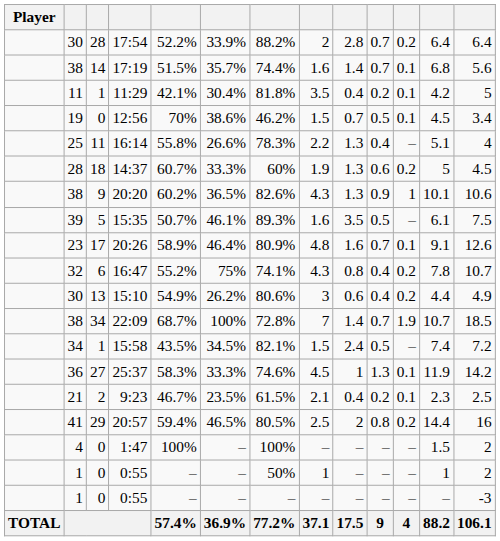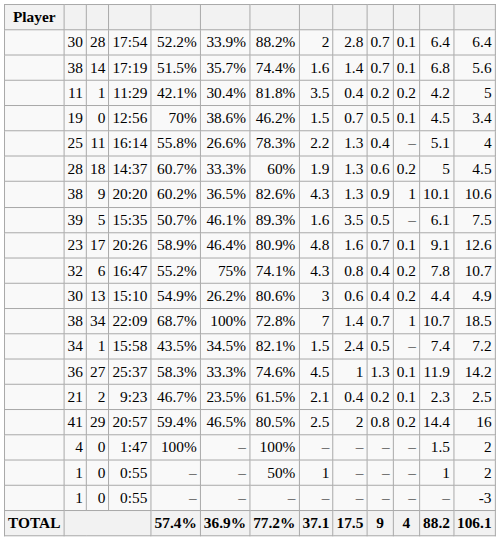 <table class="wikitable sortable" style="font-size:95%; text-align:right;">
 <tr>
 <th>Player</th>
 <th></th>
 <th></th>
 <th></th>
 <th></th>
 <th></th>
 <th></th>
 <th></th>
 <th></th>
 <th></th>
 <th></th>
 <th></th>
 <th></th>
 </tr>
 <tr>
 <td></td>
 <td>30</td>
 <td>28</td>
 <td>17:54</td>
 <td>52.2%</td>
 <td>33.9%</td>
 <td>88.2%</td>
 <td>2</td>
 <td>2.8</td>
 <td>0.7</td>
-<td>0.2</td>
+<td>0.1</td>
 <td>6.4</td>
 <td>6.4</td>
 </tr>
 <tr>
 <td></td>
 <td>38</td>
 <td>14</td>
 <td>17:19</td>
 <td>51.5%</td>
 <td>35.7%</td>
 <td>74.4%</td>
 <td>1.6</td>
 <td>1.4</td>
 <td>0.7</td>
 <td>0.1</td>
 <td>6.8</td>
 <td>5.6</td>
 </tr>
 <tr>
 <td></td>
 <td>11</td>
 <td>1</td>
 <td>11:29</td>
 <td>42.1%</td>
 <td>30.4%</td>
 <td>81.8%</td>
 <td>3.5</td>
 <td>0.4</td>
 <td>0.2</td>
-<td>0.1</td>
+<td>0.2</td>
 <td>4.2</td>
 <td>5</td>
 </tr>
 <tr>
 <td></td>
 <td>19</td>
 <td>0</td>
 <td>12:56</td>
 <td>70%</td>
 <td>38.6%</td>
 <td>46.2%</td>
 <td>1.5</td>
 <td>0.7</td>
 <td>0.5</td>
 <td>0.1</td>
 <td>4.5</td>
 <td>3.4</td>
 </tr>
 <tr>
 <td></td>
 <td>25</td>
 <td>11</td>
 <td>16:14</td>
 <td>55.8%</td>
 <td>26.6%</td>
 <td>78.3%</td>
 <td>2.2</td>
 <td>1.3</td>
 <td>0.4</td>
 <td>–</td>
 <td>5.1</td>
 <td>4</td>
 </tr>
 <tr>
 <td></td>
 <td>28</td>
 <td>18</td>
 <td>14:37</td>
 <td>60.7%</td>
 <td>33.3%</td>
 <td>60%</td>
 <td>1.9</td>
 <td>1.3</td>
 <td>0.6</td>
 <td>0.2</td>
 <td>5</td>
 <td>4.5</td>
 </tr>
 <tr>
 <td></td>
 <td>38</td>
 <td>9</td>
 <td>20:20</td>
 <td>60.2%</td>
 <td>36.5%</td>
 <td>82.6%</td>
 <td>4.3</td>
 <td>1.3</td>
 <td>0.9</td>
 <td>1</td>
 <td>10.1</td>
 <td>10.6</td>
 </tr>
 <tr>
 <td></td>
 <td>39</td>
 <td>5</td>
 <td>15:35</td>
 <td>50.7%</td>
 <td>46.1%</td>
 <td>89.3%</td>
 <td>1.6</td>
 <td>3.5</td>
 <td>0.5</td>
 <td>–</td>
 <td>6.1</td>
 <td>7.5</td>
 </tr>
 <tr>
 <td></td>
 <td>23</td>
 <td>17</td>
 <td>20:26</td>
 <td>58.9%</td>
 <td>46.4%</td>
 <td>80.9%</td>
 <td>4.8</td>
 <td>1.6</td>
 <td>0.7</td>
 <td>0.1</td>
 <td>9.1</td>
 <td>12.6</td>
 </tr>
 <tr>
 <td></td>
 <td>32</td>
 <td>6</td>
 <td>16:47</td>
 <td>55.2%</td>
 <td>75%</td>
 <td>74.1%</td>
 <td>4.3</td>
 <td>0.8</td>
 <td>0.4</td>
 <td>0.2</td>
 <td>7.8</td>
 <td>10.7</td>
 </tr>
 <tr>
 <td></td>
 <td>30</td>
 <td>13</td>
 <td>15:10</td>
 <td>54.9%</td>
 <td>26.2%</td>
 <td>80.6%</td>
 <td>3</td>
 <td>0.6</td>
 <td>0.4</td>
 <td>0.2</td>
 <td>4.4</td>
 <td>4.9</td>
 </tr>
 <tr>
 <td></td>
 <td>38</td>
 <td>34</td>
 <td>22:09</td>
 <td>68.7%</td>
 <td>100%</td>
 <td>72.8%</td>
 <td>7</td>
 <td>1.4</td>
 <td>0.7</td>
-<td>1.9</td>
+<td>1</td>
 <td>10.7</td>
 <td>18.5</td>
 </tr>
 <tr>
 <td></td>
 <td>34</td>
 <td>1</td>
 <td>15:58</td>
 <td>43.5%</td>
 <td>34.5%</td>
 <td>82.1%</td>
 <td>1.5</td>
 <td>2.4</td>
 <td>0.5</td>
 <td>–</td>
 <td>7.4</td>
 <td>7.2</td>
 </tr>
 <tr>
 <td></td>
 <td>36</td>
 <td>27</td>
 <td>25:37</td>
 <td>58.3%</td>
 <td>33.3%</td>
 <td>74.6%</td>
 <td>4.5</td>
 <td>1</td>
 <td>1.3</td>
 <td>0.1</td>
 <td>11.9</td>
 <td>14.2</td>
 </tr>
 <tr>
 <td></td>
 <td>21</td>
 <td>2</td>
 <td>9:23</td>
 <td>46.7%</td>
 <td>23.5%</td>
 <td>61.5%</td>
 <td>2.1</td>
 <td>0.4</td>
 <td>0.2</td>
 <td>0.1</td>
 <td>2.3</td>
 <td>2.5</td>
 </tr>
 <tr>
 <td></td>
 <td>41</td>
 <td>29</td>
 <td>20:57</td>
 <td>59.4%</td>
 <td>46.5%</td>
 <td>80.5%</td>
 <td>2.5</td>
 <td>2</td>
 <td>0.8</td>
 <td>0.2</td>
 <td>14.4</td>
 <td>16</td>
 </tr>
 <tr>
 <td></td>
 <td>4</td>
 <td>0</td>
 <td>1:47</td>
 <td>100%</td>
 <td>–</td>
 <td>100%</td>
 <td>–</td>
 <td>–</td>
 <td>–</td>
 <td>–</td>
 <td>1.5</td>
 <td>2</td>
 </tr>
 <tr>
 <td></td>
 <td>1</td>
 <td>0</td>
 <td>0:55</td>
 <td>–</td>
 <td>–</td>
 <td>50%</td>
 <td>1</td>
 <td>–</td>
 <td>–</td>
 <td>–</td>
 <td>1</td>
 <td>2</td>
 </tr>
 <tr>
 <td></td>
 <td>1</td>
 <td>0</td>
 <td>0:55</td>
 <td>–</td>
 <td>–</td>
 <td>–</td>
 <td>–</td>
 <td>–</td>
 <td>–</td>
 <td>–</td>
 <td>–</td>
 <td>-3</td>
 </tr>
 <tr>
 <th align=center><strong>TOTAL</strong></th>
 <th colspan=3></th>
 <th>57.4%</th>
 <th>36.9%</th>
 <th>77.2%</th>
 <th>37.1</th>
 <th>17.5</th>
 <th>9</th>
 <th>4</th>
 <th>88.2</th>
 <th>106.1</th>
 </tr>
 </table>
